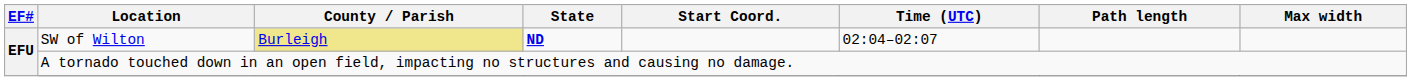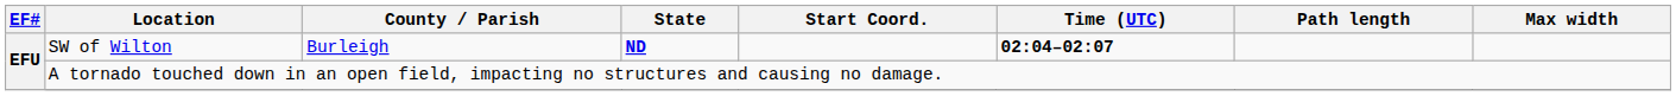 <table class="wikitable sortable" style="width:100%;">
 <tr>
 <th scope="col" width="2%" align="center"><a href='#'>EF#</a></th>
 <th scope="col" align="center" class="unsortable">Location</th>
 <th scope="col" align="center" class="unsortable">County / Parish</th>
 <th scope="col" align="center">State</th>
 <th scope="col" align="center">Start Coord.</th>
 <th scope="col" align="center">Time (<a href='#'>UTC</a>)</th>
 <th scope="col" align="center">Path length</th>
 <th scope="col" align="center">Max width</th>
 </tr>
 <tr>
 <th scope="row" rowspan="2" style="background-color:#">EFU</th>
 <td>SW of <a href='#'>Wilton</a></td>
-<td style="background: khaki;"><a href='#'>Burleigh</a></td>
+<td><a href='#'>Burleigh</a></td>
 <td><strong><a href='#'>ND</a></strong></td>
 <td></td>
-<td>02:04–02:07</td>
+<td><strong>02:04–02:07</strong></td>
 <td></td>
 <td></td>
 </tr>
 <tr class="expand-child">
 <td colspan="8" style=" border-bottom: 1px solid black;">A tornado touched down in an open field, impacting no structures and causing no damage.</td>
 </tr>
 <tr>
 </tr>
 </table>
